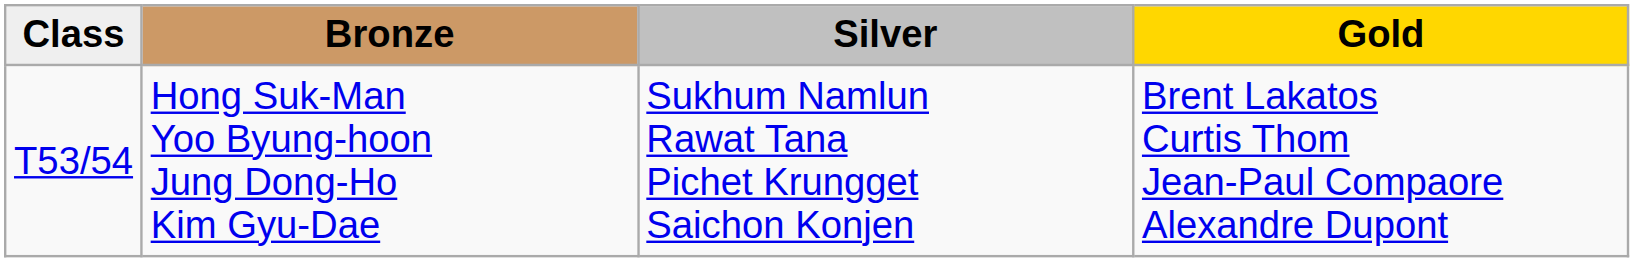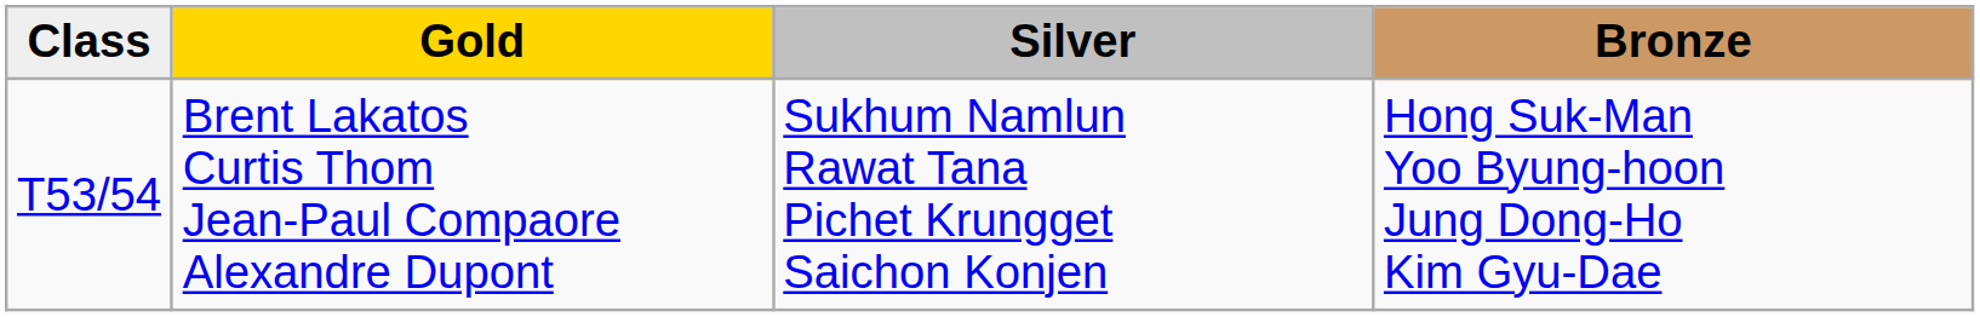 <table class="wikitable" style="text-align:left">
 <tr align="center">
 <td bgcolor=efefef><strong>Class</strong></td>
+<td width=200 bgcolor=gold><strong>Gold</strong></td>
+<td width=200 bgcolor=silver><strong>Silver</strong></td>
 <td width=200 bgcolor=CC9966><strong>Bronze</strong></td>
-<td width=200 bgcolor=silver><strong>Silver</strong></td>
-<td width=200 bgcolor=gold><strong>Gold</strong></td>
 </tr>
 <tr>
 <td><a href='#'>T53/54</a></td>
+<td><a href='#'>Brent Lakatos</a><br><a href='#'>Curtis Thom</a><br><a href='#'>Jean-Paul Compaore</a><br><a href='#'>Alexandre Dupont</a><br></td>
+<td><a href='#'>Sukhum Namlun</a><br><a href='#'>Rawat Tana</a><br><a href='#'>Pichet Krungget</a><br><a href='#'>Saichon Konjen</a><br></td>
 <td><a href='#'>Hong Suk-Man</a><br><a href='#'>Yoo Byung-hoon</a><br><a href='#'>Jung Dong-Ho</a><br><a href='#'>Kim Gyu-Dae</a><br></td>
-<td><a href='#'>Sukhum Namlun</a><br><a href='#'>Rawat Tana</a><br><a href='#'>Pichet Krungget</a><br><a href='#'>Saichon Konjen</a><br></td>
-<td><a href='#'>Brent Lakatos</a><br><a href='#'>Curtis Thom</a><br><a href='#'>Jean-Paul Compaore</a><br><a href='#'>Alexandre Dupont</a><br></td>
 </tr>
 </table>
